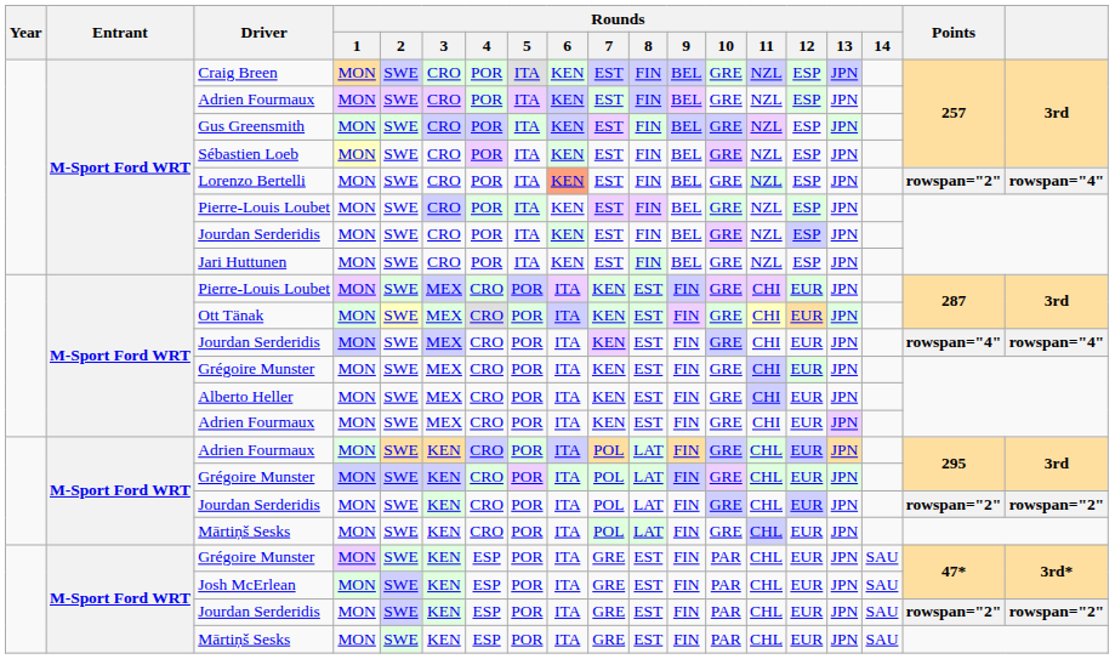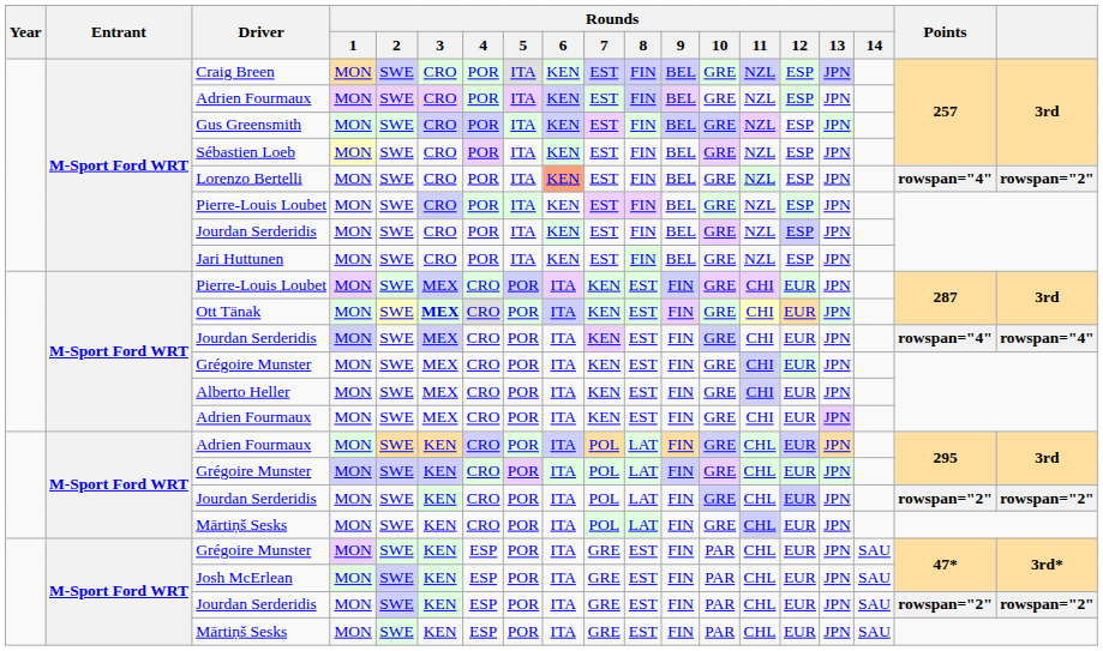 <table class="wikitable" style="text-align:center; font-size:85%;">
 <tr>
 <th rowspan="2">Year</th>
 <th rowspan="2">Entrant</th>
 <th rowspan="2">Driver</th>
 <th colspan="14">Rounds</th>
 <th rowspan="2">Points</th>
 <th rowspan="2"></th>
 </tr>
 <tr>
 <th>1</th>
 <th>2</th>
 <th>3</th>
 <th>4</th>
 <th>5</th>
 <th>6</th>
 <th>7</th>
 <th>8</th>
 <th>9</th>
 <th>10</th>
 <th>11</th>
 <th>12</th>
 <th>13</th>
 <th>14</th>
 </tr>
 <tr>
 <td rowspan="8"></td>
 <th rowspan="8"><a href='#'>M-Sport Ford WRT</a></th>
 <td style="text-align:left;"> <a href='#'>Craig Breen</a></td>
 <td style="background:#FFDF9F;"><a href='#'>MON</a><br></td>
 <td style="background:#CFCFFF;"><a href='#'>SWE</a><br></td>
 <td style="background:#DFFFDF;"><a href='#'>CRO</a><br></td>
 <td style="background:#DFFFDF;"><a href='#'>POR</a><br></td>
 <td style="background:#DFDFDF;"><a href='#'>ITA</a><br></td>
 <td style="background:#DFFFDF;"><a href='#'>KEN</a><br></td>
 <td style="background:#CFCFFF;"><a href='#'>EST</a><br></td>
 <td style="background:#CFCFFF;"><a href='#'>FIN</a><br></td>
 <td style="background:#CFCFFF;"><a href='#'>BEL</a><br></td>
 <td style="background:#DFFFDF;"><a href='#'>GRE</a><br></td>
 <td style="background:#CFCFFF;"><a href='#'>NZL</a><br></td>
 <td style="background:#DFFFDF;"><a href='#'>ESP</a><br></td>
 <td style="background:#CFCFFF;"><a href='#'>JPN</a><br></td>
 <td></td>
 <th style="background:#FFDF9F;" rowspan="4">257</th>
 <th style="background:#FFDF9F;" rowspan="4">3rd</th>
 </tr>
 <tr>
 <td style="text-align:left;"> <a href='#'>Adrien Fourmaux</a></td>
 <td style="background:#EFCFFF;"><a href='#'>MON</a><br></td>
 <td style="background:#EFCFFF;"><a href='#'>SWE</a><br></td>
 <td style="background:#EFCFFF;"><a href='#'>CRO</a><br></td>
 <td style="background:#DFFFDF;"><a href='#'>POR</a><br></td>
 <td style="background:#EFCFFF;"><a href='#'>ITA</a><br></td>
 <td style="background:#CFCFFF;"><a href='#'>KEN</a><br></td>
 <td style="background:#DFFFDF;"><a href='#'>EST</a><br></td>
 <td style="background:#CFCFFF;"><a href='#'>FIN</a><br></td>
 <td style="background:#EFCFFF;"><a href='#'>BEL</a><br></td>
 <td><a href='#'>GRE</a><br></td>
 <td><a href='#'>NZL</a><br></td>
 <td style="background:#DFFFDF;"><a href='#'>ESP</a><br></td>
 <td><a href='#'>JPN</a><br></td>
 <td></td>
 </tr>
 <tr>
 <td style="text-align:left;"> <a href='#'>Gus Greensmith</a></td>
 <td style="background:#DFFFDF;"><a href='#'>MON</a><br></td>
 <td style="background:#DFFFDF;"><a href='#'>SWE</a><br></td>
 <td style="background:#CFCFFF;"><a href='#'>CRO</a><br></td>
 <td style="background:#CFCFFF;"><a href='#'>POR</a><br></td>
 <td style="background:#DFFFDF;"><a href='#'>ITA</a><br></td>
 <td style="background:#CFCFFF;"><a href='#'>KEN</a><br></td>
 <td style="background:#EFCFFF;"><a href='#'>EST</a><br></td>
 <td style="background:#DFFFDF;"><a href='#'>FIN</a><br></td>
 <td style="background:#CFCFFF;"><a href='#'>BEL</a><br></td>
 <td style="background:#CFCFFF;"><a href='#'>GRE</a><br></td>
 <td style="background:#EFCFFF;"><a href='#'>NZL</a><br></td>
 <td style="background:#EFCFFF,"><a href='#'>ESP</a><br></td>
 <td style="background:#DFFFDF;"><a href='#'>JPN</a><br></td>
 <td></td>
 </tr>
 <tr>
 <td style="text-align:left;"> <a href='#'>Sébastien Loeb</a></td>
 <td style="background:#FFFFBF;"><a href='#'>MON</a><br></td>
 <td><a href='#'>SWE</a></td>
 <td><a href='#'>CRO</a></td>
 <td style="background:#EFCFFF;"><a href='#'>POR</a><br></td>
 <td><a href='#'>ITA</a></td>
 <td style="background:#DFFFDF;"><a href='#'>KEN</a><br></td>
 <td><a href='#'>EST</a></td>
 <td><a href='#'>FIN</a></td>
 <td><a href='#'>BEL</a></td>
 <td style="background:#EFCFFF;"><a href='#'>GRE</a><br></td>
 <td><a href='#'>NZL</a></td>
 <td><a href='#'>ESP</a></td>
 <td><a href='#'>JPN</a></td>
 <td></td>
 </tr>
 <tr>
 <td style="text-align:left;"> <a href='#'>Lorenzo Bertelli</a></td>
 <td><a href='#'>MON</a></td>
 <td><a href='#'>SWE</a><br></td>
 <td><a href='#'>CRO</a></td>
 <td><a href='#'>POR</a></td>
 <td><a href='#'>ITA</a></td>
 <td style="background: lightsalmon;"><a href='#'>KEN</a></td>
 <td><a href='#'>EST</a></td>
 <td><a href='#'>FIN</a></td>
 <td><a href='#'>BEL</a></td>
 <td><a href='#'>GRE</a></td>
 <td style="background:#DFFFDF;"><a href='#'>NZL</a><br></td>
 <td><a href='#'>ESP</a></td>
 <td><a href='#'>JPN</a></td>
 <td></td>
+<th>rowspan="4" </th>
 <th>rowspan="2" </th>
-<th>rowspan="4" </th>
 </tr>
 <tr>
 <td style="text-align:left;"> <a href='#'>Pierre-Louis Loubet</a></td>
 <td><a href='#'>MON</a></td>
 <td><a href='#'>SWE</a></td>
 <td style="background:#CFCFFF;"><a href='#'>CRO</a><br></td>
 <td style="background:#DFFFDF;"><a href='#'>POR</a><br></td>
 <td style="background:#DFFFDF;"><a href='#'>ITA</a><br></td>
 <td><a href='#'>KEN</a></td>
 <td style="background:#EFCFFF;"><a href='#'>EST</a><br></td>
 <td style="background:#EFCFFF;"><a href='#'>FIN</a><br></td>
 <td><a href='#'>BEL</a></td>
 <td style="background:#DFFFDF;"><a href='#'>GRE</a><br></td>
 <td><a href='#'>NZL</a></td>
 <td style="background:#DFFFDF;"><a href='#'>ESP</a><br></td>
 <td><a href='#'>JPN</a></td>
 <td></td>
 </tr>
 <tr>
 <td style="text-align:left;"> <a href='#'>Jourdan Serderidis</a></td>
 <td><a href='#'>MON</a></td>
 <td><a href='#'>SWE</a></td>
 <td><a href='#'>CRO</a></td>
 <td><a href='#'>POR</a></td>
 <td><a href='#'>ITA</a></td>
 <td style="background:#DFFFDF;"><a href='#'>KEN</a><br></td>
 <td><a href='#'>EST</a></td>
 <td><a href='#'>FIN</a></td>
 <td><a href='#'>BEL</a></td>
 <td style="background:#EFCFFF;"><a href='#'>GRE</a><br></td>
 <td><a href='#'>NZL</a></td>
 <td style="background:#CFCFFF;"><a href='#'>ESP</a><br></td>
 <td><a href='#'>JPN</a><br></td>
 <td></td>
 </tr>
 <tr>
 <td style="text-align:left;"> <a href='#'>Jari Huttunen</a></td>
 <td><a href='#'>MON</a></td>
 <td><a href='#'>SWE</a></td>
 <td><a href='#'>CRO</a></td>
 <td><a href='#'>POR</a></td>
 <td><a href='#'>ITA</a></td>
 <td><a href='#'>KEN</a></td>
 <td><a href='#'>EST</a></td>
 <td style="background:#DFFFDF;"><a href='#'>FIN</a><br></td>
 <td><a href='#'>BEL</a></td>
 <td><a href='#'>GRE</a></td>
 <td><a href='#'>NZL</a></td>
 <td><a href='#'>ESP</a></td>
 <td><a href='#'>JPN</a></td>
 <td></td>
 </tr>
 <tr>
 <td rowspan="6"></td>
 <th rowspan="6"><a href='#'>M-Sport Ford WRT</a></th>
 <td style="text-align:left;"> <a href='#'>Pierre-Louis Loubet</a></td>
 <td style="background:#EFCFFF;"><a href='#'>MON</a><br></td>
 <td style="background:#DFFFDF;"><a href='#'>SWE</a><br></td>
 <td style="background:#CFCFFF;"><a href='#'>MEX</a><br></td>
 <td style="background:#DFFFDF;"><a href='#'>CRO</a><br></td>
 <td style="background:#CFCFFF;"><a href='#'>POR</a><br></td>
 <td style="background:#EFCFFF;"><a href='#'>ITA</a><br></td>
 <td style="background:#DFFFDF;"><a href='#'>KEN</a><br></td>
 <td style="background:#DFFFDF;"><a href='#'>EST</a><br></td>
 <td style="background:#CFCFFF;"><a href='#'>FIN</a><br></td>
 <td style="background:#EFCFFF;"><a href='#'>GRE</a><br></td>
 <td style="background:#EFCFFF;"><a href='#'>CHI</a><br></td>
 <td style="background:#DFFFDF;"><a href='#'>EUR</a><br></td>
 <td><a href='#'>JPN</a></td>
 <td></td>
 <th style="background:#FFDF9F" rowspan="2">287</th>
 <th style="background:#FFDF9F" rowspan="2">3rd</th>
 </tr>
 <tr>
 <td style="text-align:left;"> <a href='#'>Ott Tänak</a></td>
 <td style="background:#DFFFDF;"><a href='#'>MON</a><br></td>
 <td style="background:#FFFFBF;"><a href='#'>SWE</a><br></td>
-<td style="background:#DFFFDF;"><a href='#'>MEX</a><br></td>
+<td style="background:#DFFFDF;"><strong><a href='#'>MEX</a><br></strong></td>
 <td style="background:#DFDFDF;"><a href='#'>CRO</a><br></td>
 <td style="background:#DFFFDF;"><a href='#'>POR</a><br></td>
 <td style="background:#CFCFFF;"><a href='#'>ITA</a><br></td>
 <td style="background:#DFFFDF;"><a href='#'>KEN</a><br></td>
 <td style="background:#DFFFDF;"><a href='#'>EST</a><br></td>
 <td style="background:#EFCFFF;"><a href='#'>FIN</a><br></td>
 <td style="background:#DFFFDF;"><a href='#'>GRE</a><br></td>
 <td style="background:#FFFFBF;"><a href='#'>CHI</a><br></td>
 <td style="background:#FFDF9F;"><a href='#'>EUR</a><br></td>
 <td style="background:#DFFFDF;"><a href='#'>JPN</a><br></td>
 <td></td>
 </tr>
 <tr>
 <td style="text-align:left;"> <a href='#'>Jourdan Serderidis</a></td>
 <td style="background:#CFCFFF;"><a href='#'>MON</a><br></td>
 <td><a href='#'>SWE</a></td>
 <td style="background:#CFCFFF;"><a href='#'>MEX</a><br></td>
 <td><a href='#'>CRO</a></td>
 <td><a href='#'>POR</a></td>
 <td><a href='#'>ITA</a></td>
 <td style="background:#EFCFFF;"><a href='#'>KEN</a><br></td>
 <td><a href='#'>EST</a></td>
 <td><a href='#'>FIN</a></td>
 <td style="background:#CFCFFF;"><a href='#'>GRE</a><br></td>
 <td><a href='#'>CHI</a></td>
 <td><a href='#'>EUR</a></td>
 <td><a href='#'>JPN</a></td>
 <td></td>
 <th>rowspan="4" </th>
 <th>rowspan="4" </th>
 </tr>
 <tr>
 <td style="text-align:left;"> <a href='#'>Grégoire Munster</a></td>
 <td><a href='#'>MON</a></td>
 <td><a href='#'>SWE</a></td>
 <td><a href='#'>MEX</a></td>
 <td><a href='#'>CRO</a></td>
 <td><a href='#'>POR</a></td>
 <td><a href='#'>ITA</a></td>
 <td><a href='#'>KEN</a></td>
 <td><a href='#'>EST</a></td>
 <td><a href='#'>FIN</a></td>
 <td><a href='#'>GRE</a></td>
 <td style="background:#CFCFFF;"><a href='#'>CHI</a><br></td>
 <td style="background:#DFFFDF;"><a href='#'>EUR</a><br></td>
 <td><a href='#'>JPN</a></td>
 <td></td>
 </tr>
 <tr>
 <td style="text-align:left;"> <a href='#'>Alberto Heller</a></td>
 <td><a href='#'>MON</a></td>
 <td><a href='#'>SWE</a></td>
 <td><a href='#'>MEX</a></td>
 <td><a href='#'>CRO</a></td>
 <td><a href='#'>POR</a></td>
 <td><a href='#'>ITA</a></td>
 <td><a href='#'>KEN</a></td>
 <td><a href='#'>EST</a></td>
 <td><a href='#'>FIN</a></td>
 <td><a href='#'>GRE</a></td>
 <td style="background:#CFCFFF;"><a href='#'>CHI</a><br></td>
 <td><a href='#'>EUR</a></td>
 <td><a href='#'>JPN</a></td>
 <td></td>
 </tr>
 <tr>
 <td style="text-align:left;"> <a href='#'>Adrien Fourmaux</a></td>
 <td><a href='#'>MON</a></td>
 <td><a href='#'>SWE</a></td>
 <td><a href='#'>MEX</a></td>
 <td><a href='#'>CRO</a></td>
 <td><a href='#'>POR</a></td>
 <td><a href='#'>ITA</a></td>
 <td><a href='#'>KEN</a></td>
 <td><a href='#'>EST</a></td>
 <td><a href='#'>FIN</a></td>
 <td><a href='#'>GRE</a></td>
 <td><a href='#'>CHI</a></td>
 <td><a href='#'>EUR</a></td>
 <td style="background:#EFCFFF;"><a href='#'>JPN</a><br></td>
 <td></td>
 </tr>
 <tr>
 <td rowspan="4"></td>
 <th rowspan="4"><a href='#'>M-Sport Ford WRT</a></th>
 <td style="text-align:left;"> <a href='#'>Adrien Fourmaux</a></td>
 <td style="background:#DFFFDF;"><a href='#'>MON</a><br></td>
 <td style="background:#FFDF9F;"><a href='#'>SWE</a><br></td>
 <td style="background:#FFDF9F;"><a href='#'>KEN</a><br></td>
 <td style="background:#CFCFFF;"><a href='#'>CRO</a><br></td>
 <td style="background:#DFFFDF;"><a href='#'>POR</a><br></td>
 <td style="background:#CFCFFF;"><a href='#'>ITA</a> <br></td>
 <td style="background:#FFDF9F;"><a href='#'>POL</a> <br></td>
 <td style="background:#DFFFDF;"><a href='#'>LAT</a><br></td>
 <td style="background:#FFDF9F;"><a href='#'>FIN</a> <br></td>
 <td style="background:#CFCFFF;"><a href='#'>GRE</a><br></td>
 <td style="background:#DFFFDF;"><a href='#'>CHL</a><br></td>
 <td style="background:#CFCFFF;"><a href='#'>EUR</a><br></td>
 <td style="background:#FFDF9F;"><a href='#'>JPN</a><br></td>
 <td></td>
 <th style="background:#FFDF9F" rowspan="2">295</th>
 <th style="background:#FFDF9F" rowspan="2">3rd</th>
 </tr>
 <tr>
 <td style="text-align:left;"> <a href='#'>Grégoire Munster</a></td>
 <td style="background:#CFCFFF;"><a href='#'>MON</a><br></td>
 <td style="background:#CFCFFF;"><a href='#'>SWE</a><br></td>
 <td style="background:#CFCFFF;"><a href='#'>KEN</a><br></td>
 <td style="background:#DFFFDF;"><a href='#'>CRO</a><br></td>
 <td style="background:#EFCFFF;"><a href='#'>POR</a><br></td>
 <td style="background:#DFFFDF;"><a href='#'>ITA</a><br></td>
 <td style="background:#DFFFDF;"><a href='#'>POL</a><br></td>
 <td style="background:#DFFFDF;"><a href='#'>LAT</a><br></td>
 <td style="background:#CFCFFF;"><a href='#'>FIN</a><br></td>
 <td style="background:#EFCFFF;"><a href='#'>GRE</a><br></td>
 <td style="background:#DFFFDF;"><a href='#'>CHL</a><br></td>
 <td style="background:#DFFFDF;"><a href='#'>EUR</a><br></td>
 <td style="background:#DFFFDF;"><a href='#'>JPN</a><br></td>
 <td></td>
 </tr>
 <tr>
 <td style="text-align:left;"> <a href='#'>Jourdan Serderidis</a></td>
 <td><a href='#'>MON</a></td>
 <td><a href='#'>SWE</a></td>
 <td style="background:#DFFFDF;"><a href='#'>KEN</a><br></td>
 <td><a href='#'>CRO</a></td>
 <td><a href='#'>POR</a></td>
 <td><a href='#'>ITA</a></td>
 <td><a href='#'>POL</a></td>
 <td><a href='#'>LAT</a></td>
 <td><a href='#'>FIN</a></td>
 <td style="background:#CFCFFF;"><a href='#'>GRE</a><br></td>
 <td><a href='#'>CHL</a></td>
 <td style="background:#CFCFFF;"><a href='#'>EUR</a><br></td>
 <td><a href='#'>JPN</a></td>
 <td></td>
 <th>rowspan="2" </th>
 <th>rowspan="2" </th>
 </tr>
 <tr>
 <td style="text-align:left;"> <a href='#'>Mārtiņš Sesks</a></td>
 <td><a href='#'>MON</a></td>
 <td><a href='#'>SWE</a></td>
 <td><a href='#'>KEN</a></td>
 <td><a href='#'>CRO</a></td>
 <td><a href='#'>POR</a></td>
 <td><a href='#'>ITA</a></td>
 <td style="background:#DFFFDF;"><a href='#'>POL</a><br></td>
 <td style="background:#DFFFDF;"><a href='#'>LAT</a><br></td>
 <td><a href='#'>FIN</a></td>
 <td><a href='#'>GRE</a></td>
 <td style="background:#CFCFFF;"><a href='#'>CHL</a><br></td>
 <td><a href='#'>EUR</a></td>
 <td><a href='#'>JPN</a></td>
 <td></td>
 </tr>
 <tr>
 <td rowspan="4"></td>
 <th rowspan="4"><a href='#'>M-Sport Ford WRT</a></th>
 <td style="text-align:left;"> <a href='#'>Grégoire Munster</a></td>
 <td style="background:#EFCFFF;"><a href='#'>MON</a><br></td>
 <td style="background:#DFFFDF;"><a href='#'>SWE</a><br></td>
 <td style="background:#DFFFDF;"><a href='#'>KEN</a><br></td>
 <td><a href='#'>ESP</a></td>
 <td><a href='#'>POR</a></td>
 <td><a href='#'>ITA</a></td>
 <td><a href='#'>GRE</a></td>
 <td><a href='#'>EST</a></td>
 <td><a href='#'>FIN</a></td>
 <td><a href='#'>PAR</a></td>
 <td><a href='#'>CHL</a></td>
 <td><a href='#'>EUR</a></td>
 <td><a href='#'>JPN</a></td>
 <td><a href='#'>SAU</a></td>
 <th style="background:#FFDF9F" rowspan="2">47*</th>
 <th style="background:#FFDF9F" rowspan="2">3rd*</th>
 </tr>
 <tr>
 <td style="text-align:left;"> <a href='#'>Josh McErlean</a></td>
 <td style="background:#DFFFDF;"><a href='#'>MON</a><br></td>
 <td style="background:#CFCFFF;"><a href='#'>SWE</a><br></td>
 <td style="background:#DFFFDF;"><a href='#'>KEN</a><br></td>
 <td><a href='#'>ESP</a></td>
 <td><a href='#'>POR</a></td>
 <td><a href='#'>ITA</a></td>
 <td><a href='#'>GRE</a></td>
 <td><a href='#'>EST</a></td>
 <td><a href='#'>FIN</a></td>
 <td><a href='#'>PAR</a></td>
 <td><a href='#'>CHL</a></td>
 <td><a href='#'>EUR</a></td>
 <td><a href='#'>JPN</a></td>
 <td><a href='#'>SAU</a></td>
 </tr>
 <tr>
 <td style="text-align:left;"> <a href='#'>Jourdan Serderidis</a></td>
 <td><a href='#'>MON</a></td>
 <td style="background:#CFCFFF;"><a href='#'>SWE</a><br></td>
 <td style="background:#DFFFDF;"><a href='#'>KEN</a><br></td>
 <td><a href='#'>ESP</a></td>
 <td><a href='#'>POR</a></td>
 <td><a href='#'>ITA</a></td>
 <td><a href='#'>GRE</a></td>
 <td><a href='#'>EST</a></td>
 <td><a href='#'>FIN</a></td>
 <td><a href='#'>PAR</a></td>
 <td><a href='#'>CHL</a></td>
 <td><a href='#'>EUR</a></td>
 <td><a href='#'>JPN</a></td>
 <td><a href='#'>SAU</a></td>
 <th>rowspan="2" </th>
 <th>rowspan="2" </th>
 </tr>
 <tr>
 <td style="text-align:left;"> <a href='#'>Mārtiņš Sesks</a></td>
 <td><a href='#'>MON</a></td>
 <td style="background:#DFFFDF;"><a href='#'>SWE</a><br></td>
 <td><a href='#'>KEN</a></td>
 <td><a href='#'>ESP</a></td>
 <td><a href='#'>POR</a></td>
 <td><a href='#'>ITA</a></td>
 <td><a href='#'>GRE</a></td>
 <td><a href='#'>EST</a></td>
 <td><a href='#'>FIN</a></td>
 <td><a href='#'>PAR</a></td>
 <td><a href='#'>CHL</a></td>
 <td><a href='#'>EUR</a></td>
 <td><a href='#'>JPN</a></td>
 <td><a href='#'>SAU</a></td>
 </tr>
 </table>
